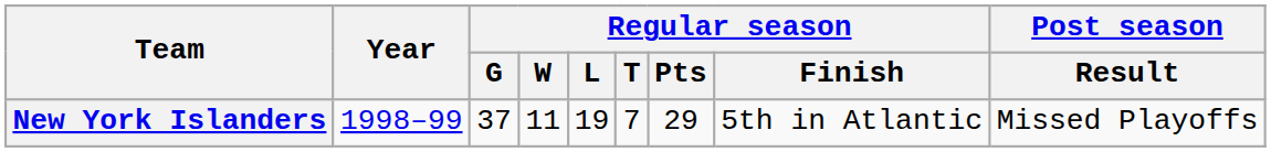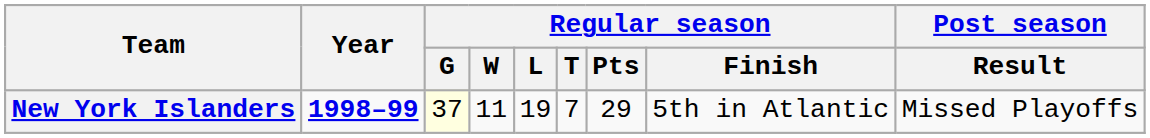 <table class="wikitable" style="font-size: 95%; text-align:center;">
 <tr>
 <th rowspan="2">Team</th>
 <th rowspan="2">Year</th>
 <th colspan="6"><a href='#'>Regular season</a></th>
 <th colspan="1"><a href='#'>Post season</a></th>
 </tr>
 <tr>
 <th>G</th>
 <th>W</th>
 <th>L</th>
 <th>T</th>
 <th>Pts</th>
 <th>Finish</th>
 <th>Result</th>
 </tr>
 <tr>
 <th><a href='#'>New York Islanders</a></th>
-<td><a href='#'>1998–99</a></td>
-<td>37</td>
+<td><strong><a href='#'>1998–99</a></strong></td>
+<td style="background: lightyellow;">37</td>
 <td>11</td>
 <td>19</td>
 <td>7</td>
 <td>29</td>
 <td>5th in Atlantic</td>
 <td>Missed Playoffs</td>
 </tr>
 </table>
